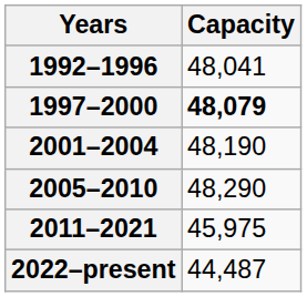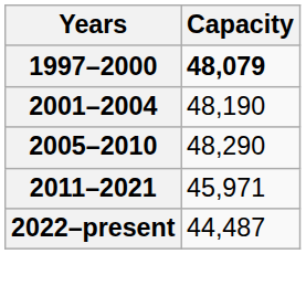 <table class="wikitable">
 <tr>
 <th scope="row">Years</th>
 <th scope="row">Capacity</th>
-</tr>
-<tr>
-<th scope="row">1992–1996</th>
-<td><div>48,041</div></td>
 </tr>
 <tr>
 <th scope="row">1997–2000</th>
 <td><strong><div>48,079</div></strong></td>
 </tr>
 <tr>
 <th scope="row">2001–2004</th>
 <td><div>48,190</div></td>
 </tr>
 <tr>
 <th scope="row">2005–2010</th>
 <td><div>48,290</div></td>
 </tr>
 <tr>
 <th scope="row">2011–2021</th>
-<td><div>45,975</div></td>
+<td><div>45,971</div></td>
 </tr>
 <tr>
 <th scope="row">2022–present</th>
 <td><div>44,487</div></td>
 </tr>
 </table>
